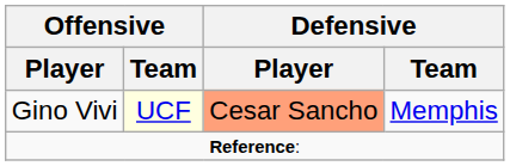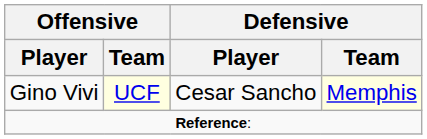 <table class="wikitable" style="text-align: center;">
 <tr>
 <th colspan="2">Offensive</th>
 <th colspan="2">Defensive</th>
 </tr>
 <tr>
 <th>Player</th>
 <th>Team</th>
 <th>Player</th>
 <th>Team</th>
 </tr>
 <tr>
 <td>Gino Vivi</td>
 <td style="background: lightyellow;"><a href='#'>UCF</a></td>
-<td style="background: lightsalmon;">Cesar Sancho</td>
-<td><a href='#'>Memphis</a></td>
+<td>Cesar Sancho</td>
+<td style="background: lightyellow;"><a href='#'>Memphis</a></td>
 </tr>
 <tr>
 <td colspan="4"  style="font-size:8pt; text-align:center;"><strong>Reference</strong>:</td>
 </tr>
 </table>
